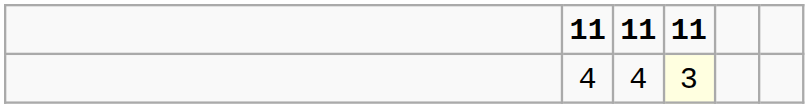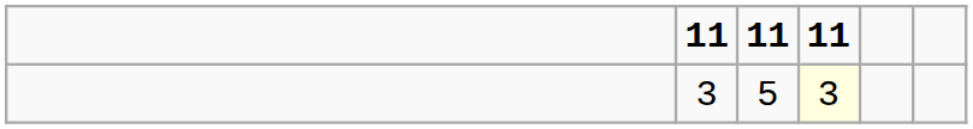 <table class="wikitable">
 <tr>
 <td style="width:18em"><strong></strong></td>
 <td align=center style="width:1em"><strong>11</strong></td>
 <td align=center style="width:1em"><strong>11</strong></td>
 <td align=center style="width:1em"><strong>11</strong></td>
 <td align=center style="width:1em"></td>
 <td align=center style="width:1em"></td>
 </tr>
 <tr>
 <td style="width:18em"></td>
-<td align=center style="width:1em">4</td>
-<td align=center style="width:1em">4</td>
+<td align=center style="width:1em">3</td>
+<td align=center style="width:1em">5</td>
 <td align=center style="background: lightyellow; width:1em">3</td>
 <td align=center style="width:1em"></td>
 <td align=center style="width:1em"></td>
 </tr>
 </table>
